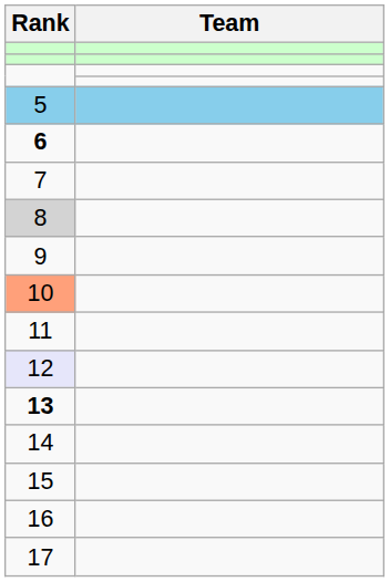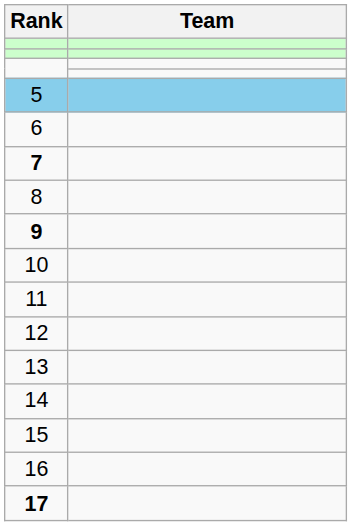 <table class="wikitable" style="text-align:center">
 <tr>
 <th width=40>Rank</th>
 <th width=200>Team</th>
 </tr>
 <tr bgcolor=#ccffcc>
 <td></td>
 <td style="text-align:left"></td>
 </tr>
 <tr bgcolor=#ccffcc>
 <td></td>
 <td style="text-align:left"></td>
 </tr>
 <tr>
 <td rowspan=2></td>
 <td style="text-align:left"></td>
 </tr>
 <tr>
 <td style="text-align:left"></td>
 </tr>
 <tr bgcolor=#87ceeb>
 <td>5</td>
 <td style="text-align:left"></td>
 </tr>
 <tr>
-<td><strong>6</strong></td>
+<td>6</td>
 <td style="text-align:left"></td>
 </tr>
 <tr>
-<td>7</td>
+<td><strong>7</strong></td>
 <td style="text-align:left"></td>
 </tr>
 <tr>
-<td style="background: lightgrey;">8</td>
+<td>8</td>
 <td style="text-align:left"></td>
 </tr>
 <tr>
-<td>9</td>
+<td><strong>9</strong></td>
 <td style="text-align:left"></td>
 </tr>
 <tr>
-<td style="background: lightsalmon;">10</td>
+<td>10</td>
 <td style="text-align:left"></td>
 </tr>
 <tr>
 <td>11</td>
 <td style="text-align:left"></td>
 </tr>
 <tr>
-<td style="background: lavender;">12</td>
+<td>12</td>
 <td style="text-align:left"></td>
 </tr>
 <tr>
-<td><strong>13</strong></td>
+<td>13</td>
 <td style="text-align:left"></td>
 </tr>
 <tr>
 <td>14</td>
 <td style="text-align:left"></td>
 </tr>
 <tr>
 <td>15</td>
 <td style="text-align:left"></td>
 </tr>
 <tr>
 <td>16</td>
 <td style="text-align:left"></td>
 </tr>
 <tr>
-<td>17</td>
+<td><strong>17</strong></td>
 <td style="text-align:left"></td>
 </tr>
 </table>
